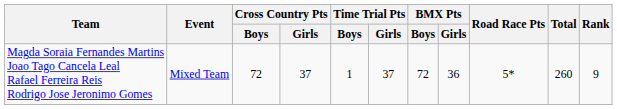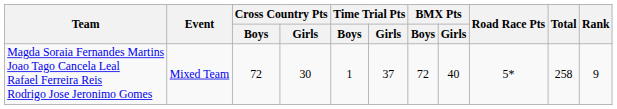 <table class="wikitable" border="1" style="font-size:90%">
 <tr>
 <th rowspan=2>Team</th>
 <th rowspan=2>Event</th>
 <th colspan=2>Cross Country Pts</th>
 <th colspan=2>Time Trial Pts</th>
 <th colspan=2>BMX Pts</th>
 <th rowspan=2>Road Race Pts</th>
 <th rowspan=2>Total</th>
 <th rowspan=2>Rank</th>
 </tr>
 <tr>
 <th>Boys</th>
 <th>Girls</th>
 <th>Boys</th>
 <th>Girls</th>
 <th>Boys</th>
 <th>Girls</th>
 </tr>
 <tr>
 <td><a href='#'>Magda Soraia Fernandes Martins</a><br><a href='#'>Joao Tago Cancela Leal</a><br><a href='#'>Rafael Ferreira Reis</a><br><a href='#'>Rodrigo Jose Jeronimo Gomes</a></td>
 <td><a href='#'>Mixed Team</a></td>
 <td align=center>72</td>
-<td align=center>37</td>
+<td align=center>30</td>
 <td align=center>1</td>
 <td align=center>37</td>
 <td align=center>72</td>
-<td align=center>36</td>
+<td align=center>40</td>
 <td align=center>5*</td>
-<td align=center>260</td>
+<td align=center>258</td>
 <td align=center>9</td>
 </tr>
 </table>
